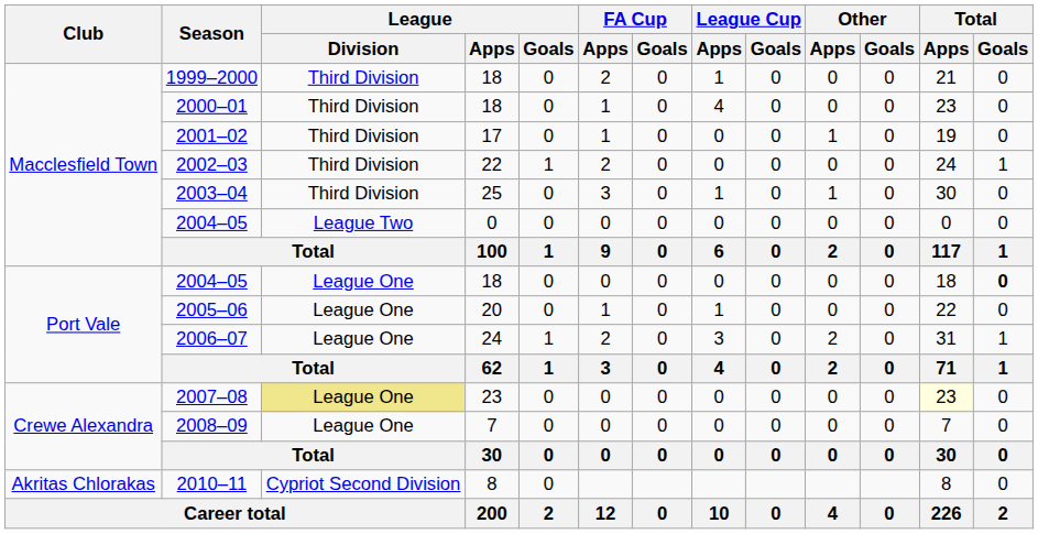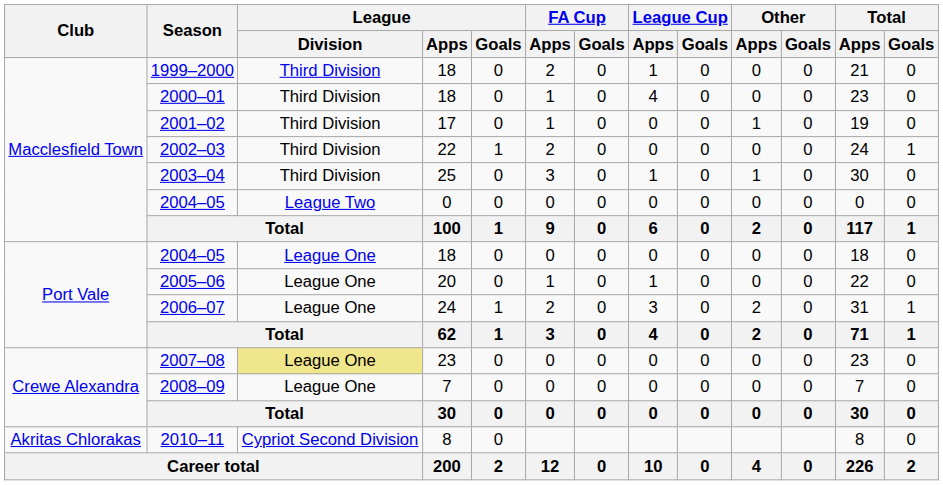 <table class="wikitable" style="text-align:center">
 <tr>
 <th rowspan="2">Club</th>
 <th rowspan="2">Season</th>
 <th colspan="3">League</th>
 <th colspan="2"><a href='#'>FA Cup</a></th>
 <th colspan="2"><a href='#'>League Cup</a></th>
 <th colspan="2">Other</th>
 <th colspan="2">Total</th>
 </tr>
 <tr>
 <th>Division</th>
 <th>Apps</th>
 <th>Goals</th>
 <th>Apps</th>
 <th>Goals</th>
 <th>Apps</th>
 <th>Goals</th>
 <th>Apps</th>
 <th>Goals</th>
 <th>Apps</th>
 <th>Goals</th>
 </tr>
 <tr>
 <td rowspan="7"><a href='#'>Macclesfield Town</a></td>
 <td><a href='#'>1999–2000</a></td>
 <td><a href='#'>Third Division</a></td>
 <td>18</td>
 <td>0</td>
 <td>2</td>
 <td>0</td>
 <td>1</td>
 <td>0</td>
 <td>0</td>
 <td>0</td>
 <td>21</td>
 <td>0</td>
 </tr>
 <tr>
 <td><a href='#'>2000–01</a></td>
 <td>Third Division</td>
 <td>18</td>
 <td>0</td>
 <td>1</td>
 <td>0</td>
 <td>4</td>
 <td>0</td>
 <td>0</td>
 <td>0</td>
 <td>23</td>
 <td>0</td>
 </tr>
 <tr>
 <td><a href='#'>2001–02</a></td>
 <td>Third Division</td>
 <td>17</td>
 <td>0</td>
 <td>1</td>
 <td>0</td>
 <td>0</td>
 <td>0</td>
 <td>1</td>
 <td>0</td>
 <td>19</td>
 <td>0</td>
 </tr>
 <tr>
 <td><a href='#'>2002–03</a></td>
 <td>Third Division</td>
 <td>22</td>
 <td>1</td>
 <td>2</td>
 <td>0</td>
 <td>0</td>
 <td>0</td>
 <td>0</td>
 <td>0</td>
 <td>24</td>
 <td>1</td>
 </tr>
 <tr>
 <td><a href='#'>2003–04</a></td>
 <td>Third Division</td>
 <td>25</td>
 <td>0</td>
 <td>3</td>
 <td>0</td>
 <td>1</td>
 <td>0</td>
 <td>1</td>
 <td>0</td>
 <td>30</td>
 <td>0</td>
 </tr>
 <tr>
 <td><a href='#'>2004–05</a></td>
 <td><a href='#'>League Two</a></td>
 <td>0</td>
 <td>0</td>
 <td>0</td>
 <td>0</td>
 <td>0</td>
 <td>0</td>
 <td>0</td>
 <td>0</td>
 <td>0</td>
 <td>0</td>
 </tr>
 <tr>
 <th colspan="2">Total</th>
 <th>100</th>
 <th>1</th>
 <th>9</th>
 <th>0</th>
 <th>6</th>
 <th>0</th>
 <th>2</th>
 <th>0</th>
 <th>117</th>
 <th>1</th>
 </tr>
 <tr>
 <td rowspan="4"><a href='#'>Port Vale</a></td>
 <td><a href='#'>2004–05</a></td>
 <td><a href='#'>League One</a></td>
 <td>18</td>
 <td>0</td>
 <td>0</td>
 <td>0</td>
 <td>0</td>
 <td>0</td>
 <td>0</td>
 <td>0</td>
 <td>18</td>
-<td><strong>0</strong></td>
+<td>0</td>
 </tr>
 <tr>
 <td><a href='#'>2005–06</a></td>
 <td>League One</td>
 <td>20</td>
 <td>0</td>
 <td>1</td>
 <td>0</td>
 <td>1</td>
 <td>0</td>
 <td>0</td>
 <td>0</td>
 <td>22</td>
 <td>0</td>
 </tr>
 <tr>
 <td><a href='#'>2006–07</a></td>
 <td>League One</td>
 <td>24</td>
 <td>1</td>
 <td>2</td>
 <td>0</td>
 <td>3</td>
 <td>0</td>
 <td>2</td>
 <td>0</td>
 <td>31</td>
 <td>1</td>
 </tr>
 <tr>
 <th colspan="2">Total</th>
 <th>62</th>
 <th>1</th>
 <th>3</th>
 <th>0</th>
 <th>4</th>
 <th>0</th>
 <th>2</th>
 <th>0</th>
 <th>71</th>
 <th>1</th>
 </tr>
 <tr>
 <td rowspan="3"><a href='#'>Crewe Alexandra</a></td>
 <td><a href='#'>2007–08</a></td>
 <td style="background: khaki;">League One</td>
 <td>23</td>
 <td>0</td>
 <td>0</td>
 <td>0</td>
 <td>0</td>
 <td>0</td>
 <td>0</td>
 <td>0</td>
-<td style="background: lightyellow;">23</td>
+<td>23</td>
 <td>0</td>
 </tr>
 <tr>
 <td><a href='#'>2008–09</a></td>
 <td>League One</td>
 <td>7</td>
 <td>0</td>
 <td>0</td>
 <td>0</td>
 <td>0</td>
 <td>0</td>
 <td>0</td>
 <td>0</td>
 <td>7</td>
 <td>0</td>
 </tr>
 <tr>
 <th colspan="2">Total</th>
 <th>30</th>
 <th>0</th>
 <th>0</th>
 <th>0</th>
 <th>0</th>
 <th>0</th>
 <th>0</th>
 <th>0</th>
 <th>30</th>
 <th>0</th>
 </tr>
 <tr>
 <td><a href='#'>Akritas Chlorakas</a></td>
 <td><a href='#'>2010–11</a></td>
 <td><a href='#'>Cypriot Second Division</a></td>
 <td>8</td>
 <td>0</td>
 <td></td>
 <td></td>
 <td></td>
 <td></td>
 <td></td>
 <td></td>
 <td>8</td>
 <td>0</td>
 </tr>
 <tr>
 <th colspan="3">Career total</th>
 <th>200</th>
 <th>2</th>
 <th>12</th>
 <th>0</th>
 <th>10</th>
 <th>0</th>
 <th>4</th>
 <th>0</th>
 <th>226</th>
 <th>2</th>
 </tr>
 </table>
